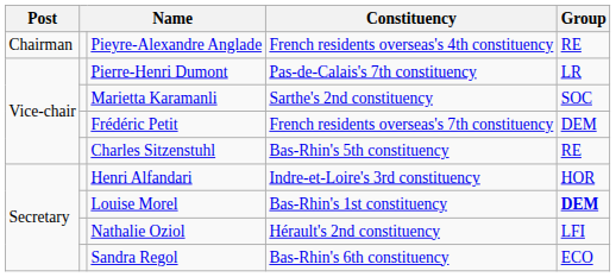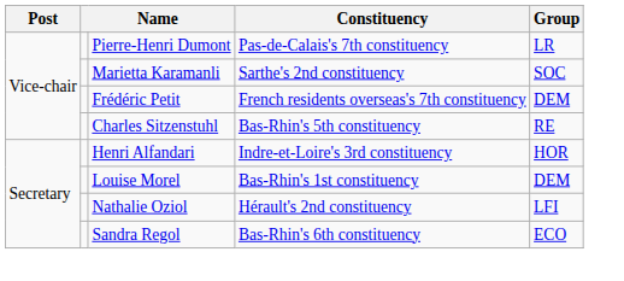 <table class="wikitable" style="font-size:95%;">
 <tr>
 <th>Post</th>
 <th colspan=2>Name</th>
 <th>Constituency</th>
 <th>Group</th>
-</tr>
-<tr>
-<td>Chairman</td>
-<td style="background:"></td>
-<td><a href='#'>Pieyre-Alexandre Anglade</a></td>
-<td><a href='#'>French residents overseas's 4th constituency</a></td>
-<td><a href='#'>RE</a></td>
 </tr>
 <tr>
 <td rowspan=4>Vice-chair</td>
 <td style="background:"></td>
 <td><a href='#'>Pierre-Henri Dumont</a></td>
 <td><a href='#'>Pas-de-Calais's 7th constituency</a></td>
 <td><a href='#'>LR</a></td>
 </tr>
 <tr>
 <td style="background:"></td>
 <td><a href='#'>Marietta Karamanli</a></td>
 <td><a href='#'>Sarthe's 2nd constituency</a></td>
 <td><a href='#'>SOC</a></td>
 </tr>
 <tr>
 <td style="background:"></td>
 <td><a href='#'>Frédéric Petit</a></td>
 <td><a href='#'>French residents overseas's 7th constituency</a></td>
 <td><a href='#'>DEM</a></td>
 </tr>
 <tr>
 <td style="background:"></td>
 <td><a href='#'>Charles Sitzenstuhl</a></td>
 <td><a href='#'>Bas-Rhin's 5th constituency</a></td>
 <td><a href='#'>RE</a></td>
 </tr>
 <tr>
 <td rowspan=4>Secretary</td>
 <td style="background:"></td>
 <td><a href='#'>Henri Alfandari</a></td>
 <td><a href='#'>Indre-et-Loire's 3rd constituency</a></td>
 <td><a href='#'>HOR</a></td>
 </tr>
 <tr>
 <td style="background:"></td>
 <td><a href='#'>Louise Morel</a></td>
 <td><a href='#'>Bas-Rhin's 1st constituency</a></td>
-<td><strong><a href='#'>DEM</a></strong></td>
+<td><a href='#'>DEM</a></td>
 </tr>
 <tr>
 <td style="background:"></td>
 <td><a href='#'>Nathalie Oziol</a></td>
 <td><a href='#'>Hérault's 2nd constituency</a></td>
 <td><a href='#'>LFI</a></td>
 </tr>
 <tr>
 <td style="background:"></td>
 <td><a href='#'>Sandra Regol</a></td>
 <td><a href='#'>Bas-Rhin's 6th constituency</a></td>
 <td><a href='#'>ECO</a></td>
 </tr>
 </table>
